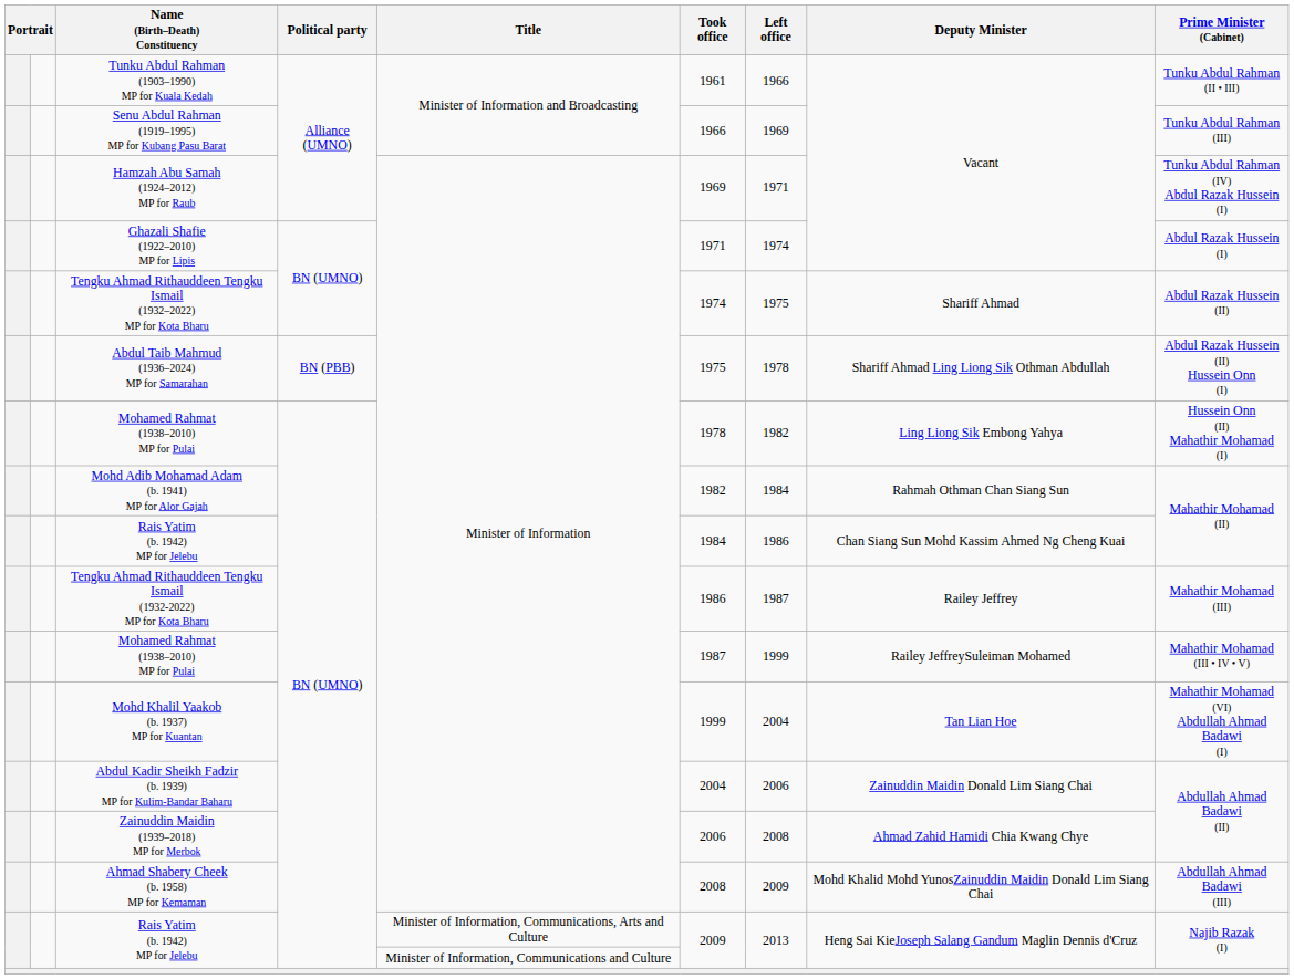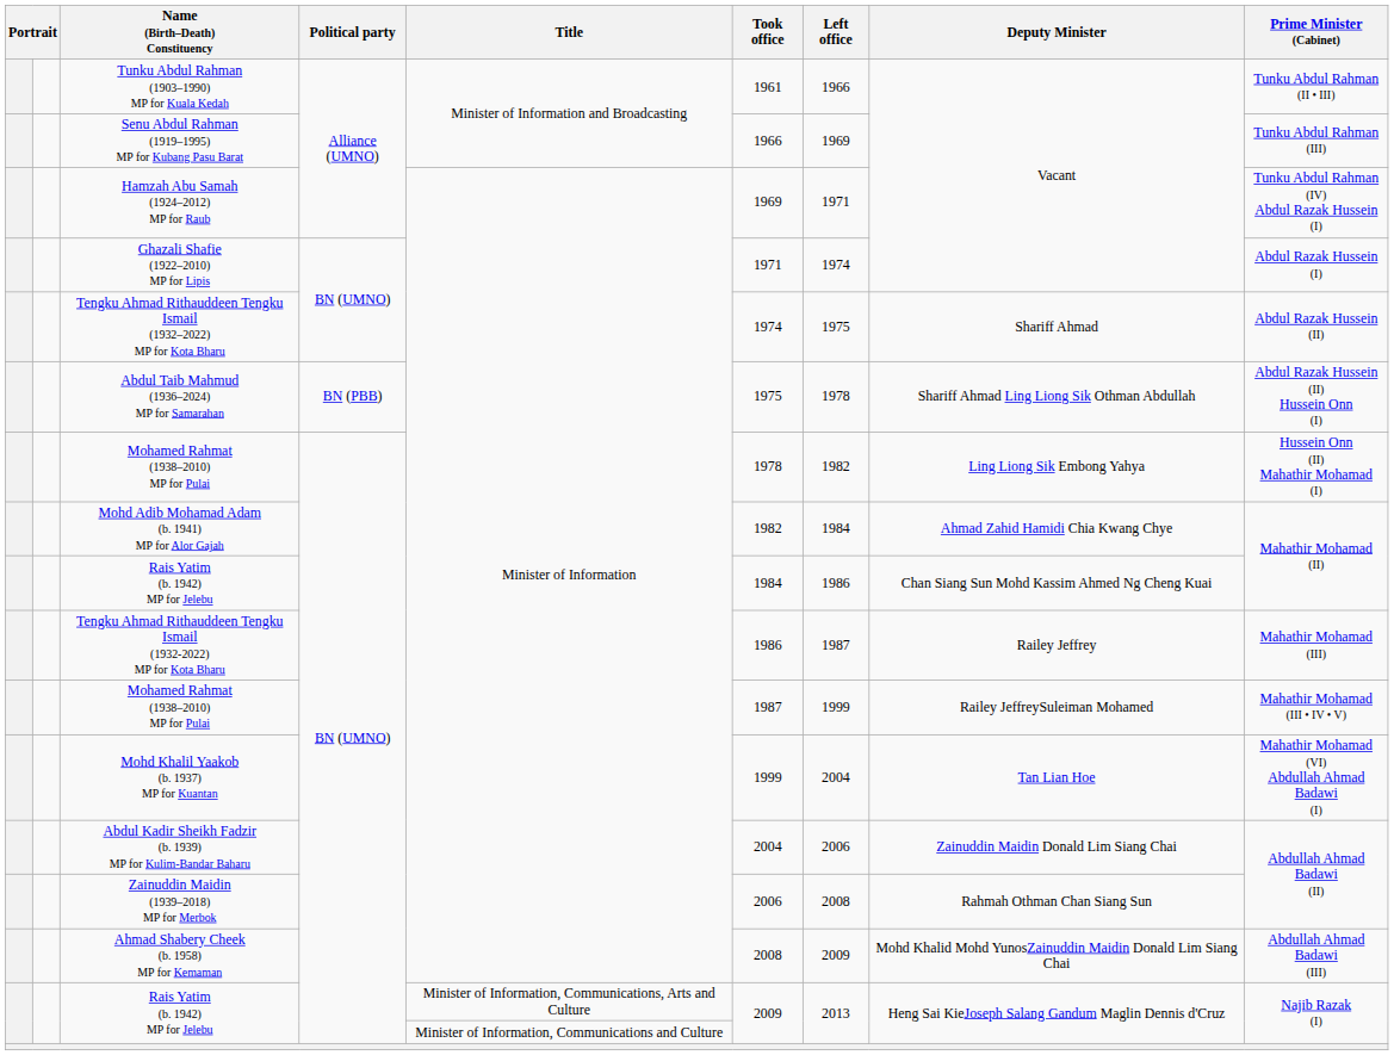 <table class="wikitable" style="text-align:center;">
 <tr>
 <th colspan=2>Portrait</th>
 <th>Name<br><small>(Birth–Death)<br>Constituency</small></th>
 <th>Political party</th>
 <th>Title</th>
 <th>Took office</th>
 <th>Left office</th>
 <th>Deputy Minister</th>
 <th><a href='#'>Prime Minister</a><br><small>(Cabinet)</small></th>
 </tr>
 <tr>
 <th style="background:"></th>
 <td></td>
 <td><a href='#'>Tunku Abdul Rahman</a><br><small>(1903–1990)<br>MP for <a href='#'>Kuala Kedah</a></small></td>
 <td rowspan=3><a href='#'>Alliance</a> (<a href='#'>UMNO</a>)</td>
 <td rowspan=2>Minister of Information and Broadcasting</td>
 <td>1961</td>
 <td>1966</td>
 <td rowspan="4">Vacant</td>
 <td><a href='#'>Tunku Abdul Rahman</a><br><small>(II • III)</small></td>
 </tr>
 <tr>
 <th style="background:"></th>
 <td></td>
 <td><a href='#'>Senu Abdul Rahman</a><br><small>(1919–1995)<br>MP for <a href='#'>Kubang Pasu Barat</a></small></td>
 <td>1966</td>
 <td>1969</td>
 <td><a href='#'>Tunku Abdul Rahman</a><br><small>(III)</small></td>
 </tr>
 <tr>
 <th style="background:"></th>
 <td></td>
 <td><a href='#'>Hamzah Abu Samah</a><br><small>(1924–2012)<br>MP for <a href='#'>Raub</a></small></td>
 <td rowspan=13>Minister of Information</td>
 <td>1969</td>
 <td>1971</td>
 <td><a href='#'>Tunku Abdul Rahman</a><br><small>(IV)</small><br><a href='#'>Abdul Razak Hussein</a><br><small>(I)</small></td>
 </tr>
 <tr>
 <th style="background:"></th>
 <td></td>
 <td><a href='#'>Ghazali Shafie</a><br><small>(1922–2010)<br>MP for <a href='#'>Lipis</a></small></td>
 <td rowspan=2><a href='#'>BN</a> (<a href='#'>UMNO</a>)</td>
 <td>1971</td>
 <td>1974</td>
 <td><a href='#'>Abdul Razak Hussein</a><br><small>(I)</small></td>
 </tr>
 <tr>
 <th style="background:"></th>
 <td></td>
 <td><a href='#'>Tengku Ahmad Rithauddeen Tengku Ismail</a><br><small>(1932–2022)<br>MP for <a href='#'>Kota Bharu</a></small></td>
 <td>1974</td>
 <td>1975</td>
 <td>Shariff Ahmad</td>
 <td><a href='#'>Abdul Razak Hussein</a><br><small>(II)</small></td>
 </tr>
 <tr>
 <th style="background:"></th>
 <td></td>
 <td><a href='#'>Abdul Taib Mahmud</a><br><small>(1936–2024)<br>MP for <a href='#'>Samarahan</a></small></td>
 <td><a href='#'>BN</a> (<a href='#'>PBB</a>)</td>
 <td>1975</td>
 <td>1978</td>
 <td>Shariff Ahmad  <a href='#'>Ling Liong Sik</a> Othman Abdullah </td>
 <td><a href='#'>Abdul Razak Hussein</a><br><small>(II)</small><br><a href='#'>Hussein Onn</a><br><small>(I)</small></td>
 </tr>
 <tr>
 <th style="background:"></th>
 <td></td>
 <td><a href='#'>Mohamed Rahmat</a><br><small>(1938–2010)<br>MP for <a href='#'>Pulai</a></small></td>
 <td rowspan="11"><a href='#'>BN</a> (<a href='#'>UMNO</a>)</td>
 <td>1978</td>
 <td>1982</td>
 <td><a href='#'>Ling Liong Sik</a> Embong Yahya </td>
 <td><a href='#'>Hussein Onn</a><br><small>(II)</small><br><a href='#'>Mahathir Mohamad</a><br><small>(I)</small></td>
 </tr>
 <tr>
 <th style="background:"></th>
 <td></td>
 <td><a href='#'>Mohd Adib Mohamad Adam</a><br><small>(b. 1941)<br>MP for <a href='#'>Alor Gajah</a></small></td>
 <td>1982</td>
 <td>1984</td>
-<td>Rahmah Othman Chan Siang Sun</td>
+<td><a href='#'>Ahmad Zahid Hamidi</a> Chia Kwang Chye</td>
 <td rowspan="2"><a href='#'>Mahathir Mohamad</a><br><small>(II)</small></td>
 </tr>
 <tr>
 <th style="background:"></th>
 <td></td>
 <td><a href='#'>Rais Yatim</a><br><small>(b. 1942)<br>MP for <a href='#'>Jelebu</a></small></td>
 <td>1984</td>
 <td>1986</td>
 <td>Chan Siang Sun  Mohd Kassim Ahmed Ng Cheng Kuai </td>
 </tr>
 <tr>
 <th style="background:"></th>
 <td></td>
 <td><a href='#'>Tengku Ahmad Rithauddeen Tengku Ismail</a><br><small>(1932-2022)<br>MP for <a href='#'>Kota Bharu</a></small></td>
 <td>1986</td>
 <td>1987</td>
 <td>Railey Jeffrey</td>
 <td><a href='#'>Mahathir Mohamad</a><br><small>(III)</small></td>
 </tr>
 <tr>
 <th style="background:"></th>
 <td></td>
 <td><a href='#'>Mohamed Rahmat</a><br><small>(1938–2010)<br>MP for <a href='#'>Pulai</a></small></td>
 <td>1987</td>
 <td>1999</td>
 <td>Railey JeffreySuleiman Mohamed</td>
 <td><a href='#'>Mahathir Mohamad</a><br><small>(III • IV • V)</small></td>
 </tr>
 <tr>
 <th style="background:"></th>
 <td></td>
 <td><a href='#'>Mohd Khalil Yaakob</a><br><small>(b. 1937)<br>MP for <a href='#'>Kuantan</a></small></td>
 <td>1999</td>
 <td>2004</td>
 <td><a href='#'>Tan Lian Hoe</a></td>
 <td><a href='#'>Mahathir Mohamad</a><br><small>(VI)</small><br><a href='#'>Abdullah Ahmad Badawi</a><br><small>(I)</small></td>
 </tr>
 <tr>
 <th style="background:"></th>
 <td></td>
 <td><a href='#'>Abdul Kadir Sheikh Fadzir</a><br><small>(b. 1939)<br>MP for <a href='#'>Kulim-Bandar Baharu</a></small></td>
 <td>2004</td>
 <td>2006</td>
 <td><a href='#'>Zainuddin Maidin</a> Donald Lim Siang Chai</td>
 <td rowspan="2"><a href='#'>Abdullah Ahmad Badawi</a><br><small>(II)</small></td>
 </tr>
 <tr>
 <th style="background:"></th>
 <td></td>
 <td><a href='#'>Zainuddin Maidin</a><br><small>(1939–2018)<br>MP for <a href='#'>Merbok</a></small></td>
 <td>2006</td>
 <td>2008</td>
-<td><a href='#'>Ahmad Zahid Hamidi</a> Chia Kwang Chye</td>
+<td>Rahmah Othman Chan Siang Sun</td>
 </tr>
 <tr>
 <th style="background:"></th>
 <td></td>
 <td><a href='#'>Ahmad Shabery Cheek</a><br><small>(b. 1958)<br>MP for <a href='#'>Kemaman</a></small></td>
 <td>2008</td>
 <td>2009</td>
 <td>Mohd Khalid Mohd Yunos<a href='#'>Zainuddin Maidin</a> Donald Lim Siang Chai</td>
 <td><a href='#'>Abdullah Ahmad Badawi</a><br><small>(III)</small></td>
 </tr>
 <tr>
 <th rowspan="2" style="background:"></th>
 <td rowspan="2"></td>
 <td rowspan="2"><a href='#'>Rais Yatim</a><br><small>(b. 1942)<br>MP for <a href='#'>Jelebu</a></small></td>
 <td>Minister of Information, Communications, Arts and Culture</td>
 <td rowspan="2">2009</td>
 <td rowspan="2">2013</td>
 <td rowspan="2">Heng Sai Kie<a href='#'>Joseph Salang Gandum</a> Maglin Dennis d'Cruz</td>
 <td rowspan="2"><a href='#'>Najib Razak</a><br><small>(I)</small></td>
 </tr>
 <tr>
 <td>Minister of Information, Communications and Culture</td>
 </tr>
 <tr>
 <th colspan="9" bgcolor="cccccc"></th>
 </tr>
 </table>
